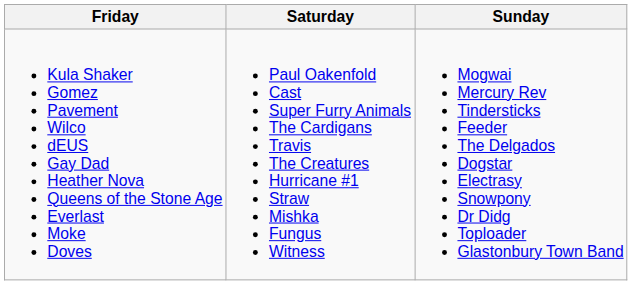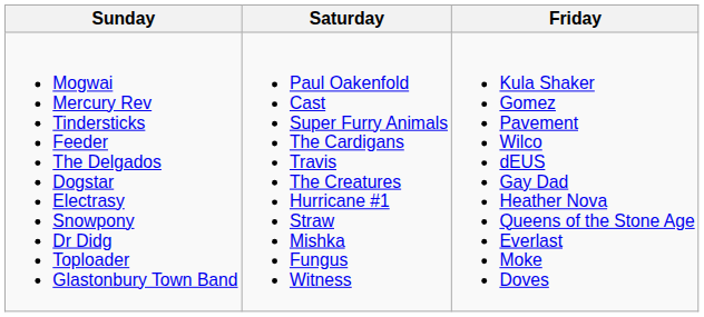 <table class="wikitable">
 <tr>
+<th>Sunday</th>
+<th>Saturday</th>
 <th>Friday</th>
-<th>Saturday</th>
-<th>Sunday</th>
 </tr>
 <tr valign="top">
+<td><br><ul><li><a href='#'>Mogwai</a></li><li><a href='#'>Mercury Rev</a></li><li><a href='#'>Tindersticks</a></li><li><a href='#'>Feeder</a></li><li><a href='#'>The Delgados</a></li><li><a href='#'>Dogstar</a></li><li><a href='#'>Electrasy</a></li><li><a href='#'>Snowpony</a></li><li><a href='#'>Dr Didg</a></li><li><a href='#'>Toploader</a></li><li><a href='#'>Glastonbury Town Band</a></li></ul></td>
+<td><br><ul><li><a href='#'>Paul Oakenfold</a></li><li><a href='#'>Cast</a></li><li><a href='#'>Super Furry Animals</a></li><li><a href='#'>The Cardigans</a></li><li><a href='#'>Travis</a></li><li><a href='#'>The Creatures</a></li><li><a href='#'>Hurricane #1</a></li><li><a href='#'>Straw</a></li><li><a href='#'>Mishka</a></li><li><a href='#'>Fungus</a></li><li><a href='#'>Witness</a></li></ul></td>
 <td><br><ul><li><a href='#'>Kula Shaker</a></li><li><a href='#'>Gomez</a></li><li><a href='#'>Pavement</a></li><li><a href='#'>Wilco</a></li><li><a href='#'>dEUS</a></li><li><a href='#'>Gay Dad</a></li><li><a href='#'>Heather Nova</a></li><li><a href='#'>Queens of the Stone Age</a></li><li><a href='#'>Everlast</a></li><li><a href='#'>Moke</a></li><li><a href='#'>Doves</a></li></ul></td>
-<td><br><ul><li><a href='#'>Paul Oakenfold</a></li><li><a href='#'>Cast</a></li><li><a href='#'>Super Furry Animals</a></li><li><a href='#'>The Cardigans</a></li><li><a href='#'>Travis</a></li><li><a href='#'>The Creatures</a></li><li><a href='#'>Hurricane #1</a></li><li><a href='#'>Straw</a></li><li><a href='#'>Mishka</a></li><li><a href='#'>Fungus</a></li><li><a href='#'>Witness</a></li></ul></td>
-<td><br><ul><li><a href='#'>Mogwai</a></li><li><a href='#'>Mercury Rev</a></li><li><a href='#'>Tindersticks</a></li><li><a href='#'>Feeder</a></li><li><a href='#'>The Delgados</a></li><li><a href='#'>Dogstar</a></li><li><a href='#'>Electrasy</a></li><li><a href='#'>Snowpony</a></li><li><a href='#'>Dr Didg</a></li><li><a href='#'>Toploader</a></li><li><a href='#'>Glastonbury Town Band</a></li></ul></td>
 </tr>
 </table>
